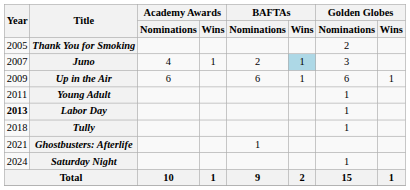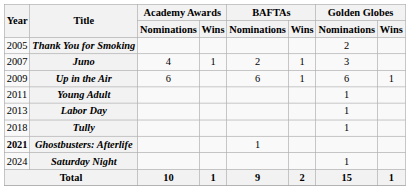 <table class="wikitable plainrowheaders">
 <tr>
 <th rowspan="2">Year</th>
 <th rowspan="2">Title</th>
 <th colspan="2">Academy Awards</th>
 <th colspan="2">BAFTAs</th>
 <th colspan="2">Golden Globes</th>
 </tr>
 <tr>
 <th>Nominations</th>
 <th>Wins</th>
 <th>Nominations</th>
 <th>Wins</th>
 <th>Nominations</th>
 <th>Wins</th>
 </tr>
 <tr>
 <td>2005</td>
 <th scope="row"><em>Thank You for Smoking</em></th>
 <td></td>
 <td></td>
 <td></td>
 <td></td>
 <td align=center>2</td>
 <td></td>
 </tr>
 <tr>
 <td>2007</td>
 <th scope="row"><em>Juno</em></th>
 <td align=center>4</td>
 <td align=center>1</td>
 <td align=center>2</td>
-<td align=center style="background: lightblue;">1</td>
+<td align=center>1</td>
 <td align=center>3</td>
 <td></td>
 </tr>
 <tr>
 <td>2009</td>
 <th scope="row"><em>Up in the Air</em></th>
 <td align=center>6</td>
 <td></td>
 <td align=center>6</td>
 <td align=center>1</td>
 <td align=center>6</td>
 <td align=center>1</td>
 </tr>
 <tr>
 <td>2011</td>
 <th scope="row"><em>Young Adult</em></th>
 <td></td>
 <td></td>
 <td></td>
 <td></td>
 <td align=center>1</td>
 <td></td>
 </tr>
 <tr>
-<td><strong>2013</strong></td>
+<td>2013</td>
 <th scope="row"><em>Labor Day</em></th>
 <td></td>
 <td></td>
 <td></td>
 <td></td>
 <td align=center>1</td>
 <td></td>
 </tr>
 <tr>
 <td>2018</td>
 <th scope="row"><em>Tully</em></th>
 <td></td>
 <td></td>
 <td></td>
 <td></td>
 <td align=center>1</td>
 <td></td>
 </tr>
 <tr>
-<td>2021</td>
+<td><strong>2021</strong></td>
 <th scope="row"><em>Ghostbusters: Afterlife</em></th>
 <td></td>
 <td></td>
 <td align=center>1</td>
 <td></td>
 <td></td>
 <td></td>
 </tr>
 <tr>
 <td>2024</td>
 <th scope="row"><em>Saturday Night</em></th>
 <td></td>
 <td></td>
 <td></td>
 <td></td>
 <td align=center>1</td>
 <td></td>
 </tr>
 <tr>
 <th colspan="2">Total</th>
 <th>10</th>
 <th>1</th>
 <th>9</th>
 <th>2</th>
 <th>15</th>
 <th>1</th>
 </tr>
 <tr>
 </tr>
 </table>
